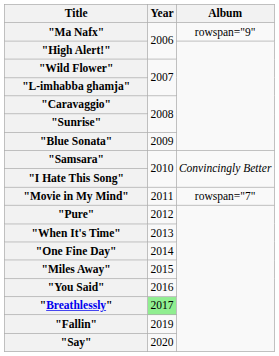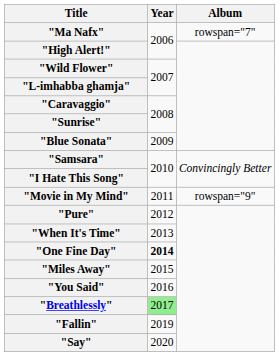 <table class="wikitable plainrowheaders" style="text-align:center;">
 <tr>
 <th scope="col" style="width:12em;">Title</th>
 <th scope="col" style="width:1em;">Year</th>
 <th scope="col">Album</th>
 </tr>
 <tr>
 <th scope="row">"Ma Nafx"</th>
 <td rowspan="2">2006</td>
-<td>rowspan="9" </td>
+<td>rowspan="7" </td>
 </tr>
 <tr>
 <th scope="row">"High Alert!"</th>
 </tr>
 <tr>
 <th scope="row">"Wild Flower"</th>
 <td rowspan="2">2007</td>
 </tr>
 <tr>
 <th scope="row">"L-imhabba ghamja"</th>
 </tr>
 <tr>
 <th scope="row">"Caravaggio"</th>
 <td rowspan="2">2008</td>
 </tr>
 <tr>
 <th scope="row">"Sunrise"</th>
 </tr>
 <tr>
 <th scope="row">"Blue Sonata"</th>
 <td>2009</td>
 </tr>
 <tr>
 <th scope="row">"Samsara"</th>
 <td rowspan="2">2010</td>
 <td rowspan="2"><em>Convincingly Better</em></td>
 </tr>
 <tr>
 <th scope="row">"I Hate This Song"</th>
 </tr>
 <tr>
 <th scope="row">"Movie in My Mind"</th>
 <td>2011</td>
-<td>rowspan="7" </td>
+<td>rowspan="9" </td>
 </tr>
 <tr>
 <th scope="row">"Pure"</th>
 <td>2012</td>
 </tr>
 <tr>
 <th scope="row">"When It's Time"</th>
 <td>2013</td>
 </tr>
 <tr>
 <th scope="row">"One Fine Day"</th>
-<td>2014</td>
+<td><strong>2014</strong></td>
 </tr>
 <tr>
 <th scope="row">"Miles Away"</th>
 <td>2015</td>
 </tr>
 <tr>
 <th scope="row">"You Said"</th>
 <td>2016</td>
 </tr>
 <tr>
 <th scope="row">"<a href='#'>Breathlessly</a>"</th>
 <td style="background: lightgreen;">2017</td>
 </tr>
 <tr>
 <th scope="row">"Fallin"</th>
 <td>2019</td>
 </tr>
 <tr>
 <th scope="row">"Say"</th>
 <td>2020</td>
 </tr>
 </table>
